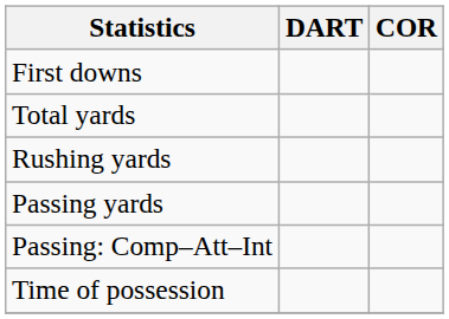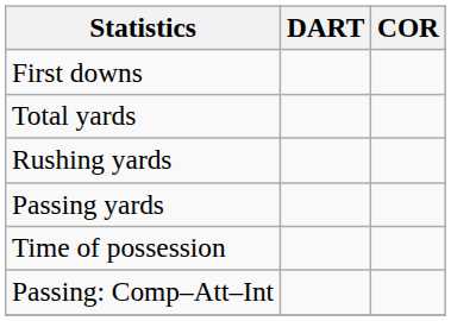 <table class="wikitable" style="float: left;">
 <tr>
 <th>Statistics</th>
 <th>DART</th>
 <th>COR</th>
 </tr>
 <tr>
 <td>First downs</td>
 <td></td>
 <td></td>
 </tr>
 <tr>
 <td>Total yards</td>
 <td></td>
 <td></td>
 </tr>
 <tr>
 <td>Rushing yards</td>
 <td></td>
 <td></td>
 </tr>
 <tr>
 <td>Passing yards</td>
 <td></td>
 <td></td>
 </tr>
 <tr>
-<td>Passing: Comp–Att–Int</td>
+<td>Time of possession</td>
 <td></td>
 <td></td>
 </tr>
 <tr>
-<td>Time of possession</td>
+<td>Passing: Comp–Att–Int</td>
 <td></td>
 <td></td>
 </tr>
 <tr>
 </tr>
 </table>
